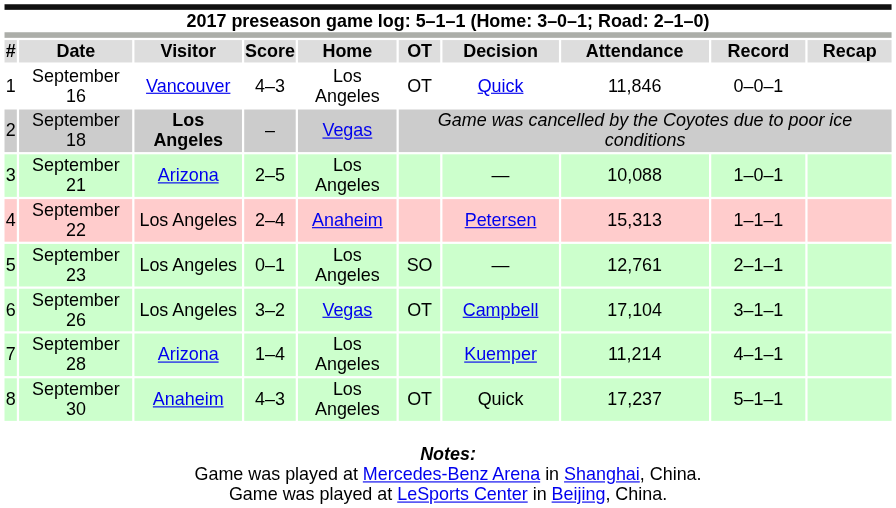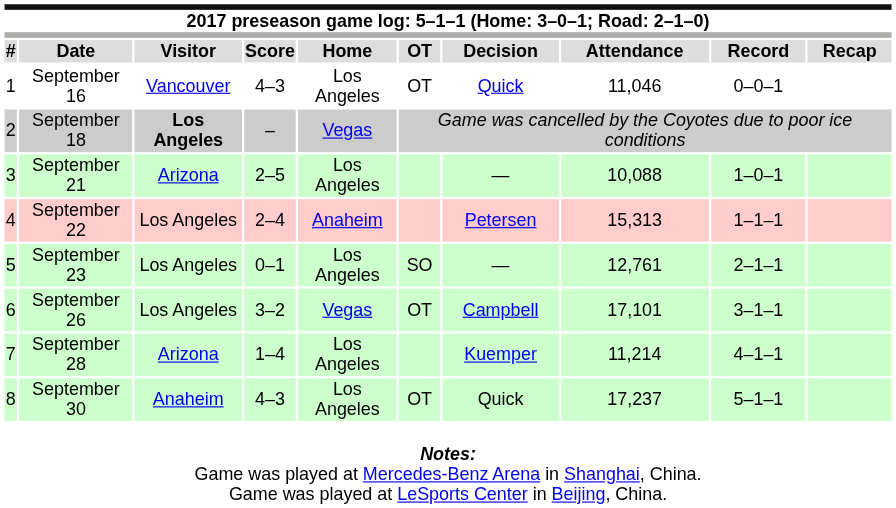 <table class="toccolours collapsible collapsed" style="width:90%; clear:both; margin:1.5em auto; text-align:center;">
 <tr>
 <th colspan="10" style="background:#fff; border-top:#111 5px solid; border-bottom:#acaea9 5px solid;">2017 preseason game log: 5–1–1 (Home: 3–0–1; Road: 2–1–0)</th>
 </tr>
 <tr style="background:#ddd;">
 <th>#</th>
 <th>Date</th>
 <th>Visitor</th>
 <th>Score</th>
 <th>Home</th>
 <th>OT</th>
 <th>Decision</th>
 <th>Attendance</th>
 <th>Record</th>
 <th>Recap</th>
 </tr>
 <tr style="background:#fff;">
 <td>1</td>
 <td>September 16</td>
 <td><a href='#'>Vancouver</a></td>
 <td>4–3</td>
 <td>Los Angeles</td>
 <td>OT</td>
 <td><a href='#'>Quick</a></td>
-<td>11,846</td>
+<td>11,046</td>
 <td>0–0–1</td>
 <td></td>
 </tr>
 <tr style="background:#ccc;">
 <td>2</td>
 <td>September 18</td>
 <td><strong>Los Angeles</strong></td>
 <td>–</td>
 <td><a href='#'>Vegas</a></td>
 <td colspan="5"><em>Game was cancelled by the Coyotes due to poor ice conditions</em></td>
 </tr>
 <tr style="background:#cfc;">
 <td>3</td>
 <td>September 21</td>
 <td><a href='#'>Arizona</a></td>
 <td>2–5</td>
 <td>Los Angeles</td>
 <td></td>
 <td>—</td>
 <td>10,088</td>
 <td>1–0–1</td>
 <td></td>
 </tr>
 <tr style="background:#fcc;">
 <td>4</td>
 <td>September 22</td>
 <td>Los Angeles</td>
 <td>2–4</td>
 <td><a href='#'>Anaheim</a></td>
 <td></td>
 <td><a href='#'>Petersen</a></td>
 <td>15,313</td>
 <td>1–1–1</td>
 <td></td>
 </tr>
 <tr style="background:#cfc;">
 <td>5</td>
 <td>September 23</td>
 <td>Los Angeles</td>
 <td>0–1</td>
 <td>Los Angeles</td>
 <td>SO</td>
 <td>—</td>
 <td>12,761</td>
 <td>2–1–1</td>
 <td></td>
 </tr>
 <tr style="background:#cfc;">
 <td>6</td>
 <td>September 26</td>
 <td>Los Angeles</td>
 <td>3–2</td>
 <td><a href='#'>Vegas</a></td>
 <td>OT</td>
 <td><a href='#'>Campbell</a></td>
-<td>17,104</td>
+<td>17,101</td>
 <td>3–1–1</td>
 <td></td>
 </tr>
 <tr style="background:#cfc;">
 <td>7</td>
 <td>September 28</td>
 <td><a href='#'>Arizona</a></td>
 <td>1–4</td>
 <td>Los Angeles</td>
 <td></td>
 <td><a href='#'>Kuemper</a></td>
 <td>11,214</td>
 <td>4–1–1</td>
 <td></td>
 </tr>
 <tr style="background:#cfc;">
 <td>8</td>
 <td>September 30</td>
 <td><a href='#'>Anaheim</a></td>
 <td>4–3</td>
 <td>Los Angeles</td>
 <td>OT</td>
 <td>Quick</td>
 <td>17,237</td>
 <td>5–1–1</td>
 <td></td>
 </tr>
 <tr>
 <td colspan="10" style="text-align:center;"><br><strong><em>Notes:</em></strong><br>  Game was played at <a href='#'>Mercedes-Benz Arena</a> in <a href='#'>Shanghai</a>, China.<br>  Game was played at <a href='#'>LeSports Center</a> in <a href='#'>Beijing</a>, China.</td>
 </tr>
 </table>
